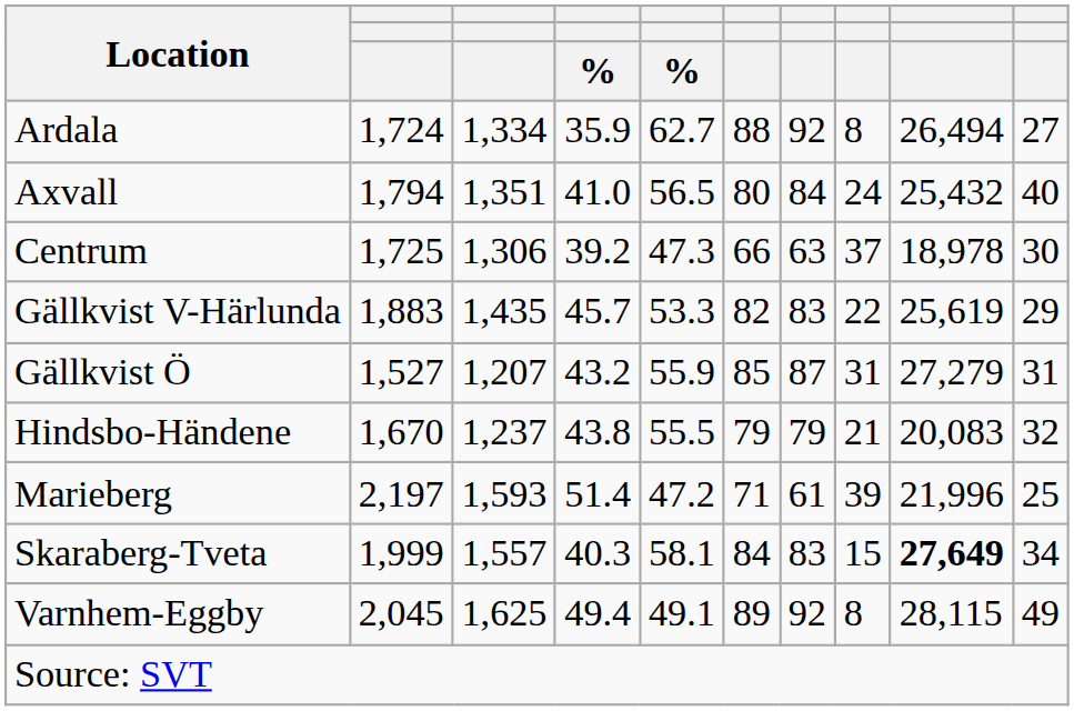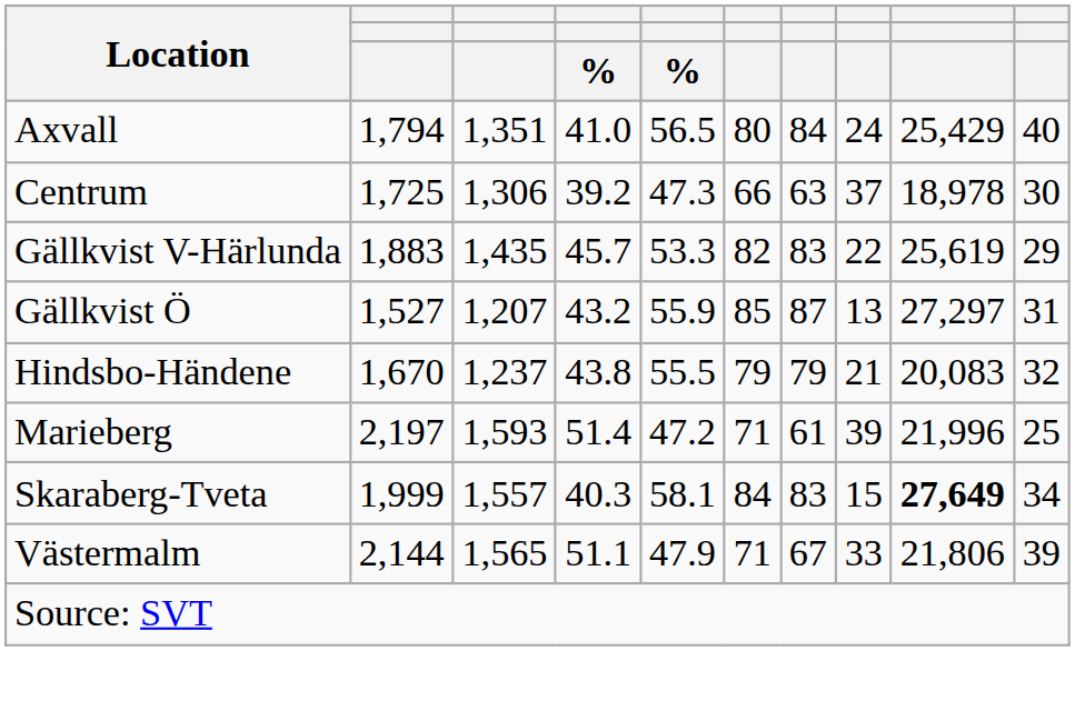 <table role="presentation" class="wikitable sortable mw-collapsible">
 <tr>
 <th rowspan="3">Location</th>
 <th></th>
 <th></th>
 <th></th>
 <th></th>
 <th></th>
 <th></th>
 <th></th>
 <th></th>
 <th></th>
 </tr>
 <tr>
 <th></th>
 <th></th>
 <th style="background:"></th>
 <th style="background:"></th>
 <th></th>
 <th></th>
 <th></th>
 <th></th>
 <th></th>
 </tr>
 <tr>
 <th data-sort-type="number"></th>
 <th data-sort-type="number"></th>
 <th data-sort-type="number">%</th>
 <th data-sort-type="number">%</th>
 <th data-sort-type="number"></th>
 <th data-sort-type="number"></th>
 <th data-sort-type="number"></th>
 <th data-sort-type="number"></th>
 <th data-sort-type="number"></th>
 </tr>
 <tr>
-<td align="left">Ardala</td>
-<td>1,724</td>
-<td>1,334</td>
-<td>35.9</td>
-<td>62.7</td>
-<td>88</td>
-<td>92</td>
-<td>8</td>
-<td>26,494</td>
-<td>27</td>
-</tr>
-<tr>
 <td align="left">Axvall</td>
 <td>1,794</td>
 <td>1,351</td>
 <td>41.0</td>
 <td>56.5</td>
 <td>80</td>
 <td>84</td>
 <td>24</td>
-<td>25,432</td>
+<td>25,429</td>
 <td>40</td>
 </tr>
 <tr>
 <td align="left">Centrum</td>
 <td>1,725</td>
 <td>1,306</td>
 <td>39.2</td>
 <td>47.3</td>
 <td>66</td>
 <td>63</td>
 <td>37</td>
 <td>18,978</td>
 <td>30</td>
 </tr>
 <tr>
 <td align="left">Gällkvist V-Härlunda</td>
 <td>1,883</td>
 <td>1,435</td>
 <td>45.7</td>
 <td>53.3</td>
 <td>82</td>
 <td>83</td>
 <td>22</td>
 <td>25,619</td>
 <td>29</td>
 </tr>
 <tr>
 <td align="left">Gällkvist Ö</td>
 <td>1,527</td>
 <td>1,207</td>
 <td>43.2</td>
 <td>55.9</td>
 <td>85</td>
 <td>87</td>
-<td>31</td>
-<td>27,279</td>
+<td>13</td>
+<td>27,297</td>
 <td>31</td>
 </tr>
 <tr>
 <td align="left">Hindsbo-Händene</td>
 <td>1,670</td>
 <td>1,237</td>
 <td>43.8</td>
 <td>55.5</td>
 <td>79</td>
 <td>79</td>
 <td>21</td>
 <td>20,083</td>
 <td>32</td>
 </tr>
 <tr>
 <td align="left">Marieberg</td>
 <td>2,197</td>
 <td>1,593</td>
 <td>51.4</td>
 <td>47.2</td>
 <td>71</td>
 <td>61</td>
 <td>39</td>
 <td>21,996</td>
 <td>25</td>
 </tr>
 <tr>
 <td align="left">Skaraberg-Tveta</td>
 <td>1,999</td>
 <td>1,557</td>
 <td>40.3</td>
 <td>58.1</td>
 <td>84</td>
 <td>83</td>
 <td>15</td>
 <td><strong>27,649</strong></td>
 <td>34</td>
 </tr>
 <tr>
-<td align="left">Varnhem-Eggby</td>
-<td>2,045</td>
-<td>1,625</td>
-<td>49.4</td>
-<td>49.1</td>
-<td>89</td>
-<td>92</td>
-<td>8</td>
-<td>28,115</td>
-<td>49</td>
+<td align="left">Västermalm</td>
+<td>2,144</td>
+<td>1,565</td>
+<td>51.1</td>
+<td>47.9</td>
+<td>71</td>
+<td>67</td>
+<td>33</td>
+<td>21,806</td>
+<td>39</td>
 </tr>
 <tr>
 <td colspan="10" align="left">Source: <a href='#'>SVT</a></td>
 </tr>
 </table>
